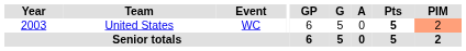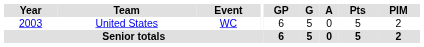 <table border="0" cellpadding="1" cellspacing="0" ID="Table3" style="text-align:center; width:40em">
 <tr bgcolor="#e0e0e0">
 <th>Year</th>
 <th>Team</th>
 <th>Event</th>
 <th rowspan="102" bgcolor="#ffffff"></th>
 <th>GP</th>
 <th>G</th>
 <th>A</th>
 <th>Pts</th>
 <th>PIM</th>
 </tr>
 <tr>
 <td><a href='#'>2003</a></td>
 <td><a href='#'>United States</a></td>
 <td><a href='#'>WC</a></td>
 <td>6</td>
 <td>5</td>
 <td>0</td>
-<td><strong>5</strong></td>
-<td style="background: lightsalmon;">2</td>
+<td>5</td>
+<td>2</td>
 </tr>
 <tr bgcolor="#e0e0e0">
 <th colspan="4">Senior totals</th>
 <th>6</th>
 <th>5</th>
 <th>0</th>
 <th>5</th>
 <th>2</th>
 </tr>
 </table>
